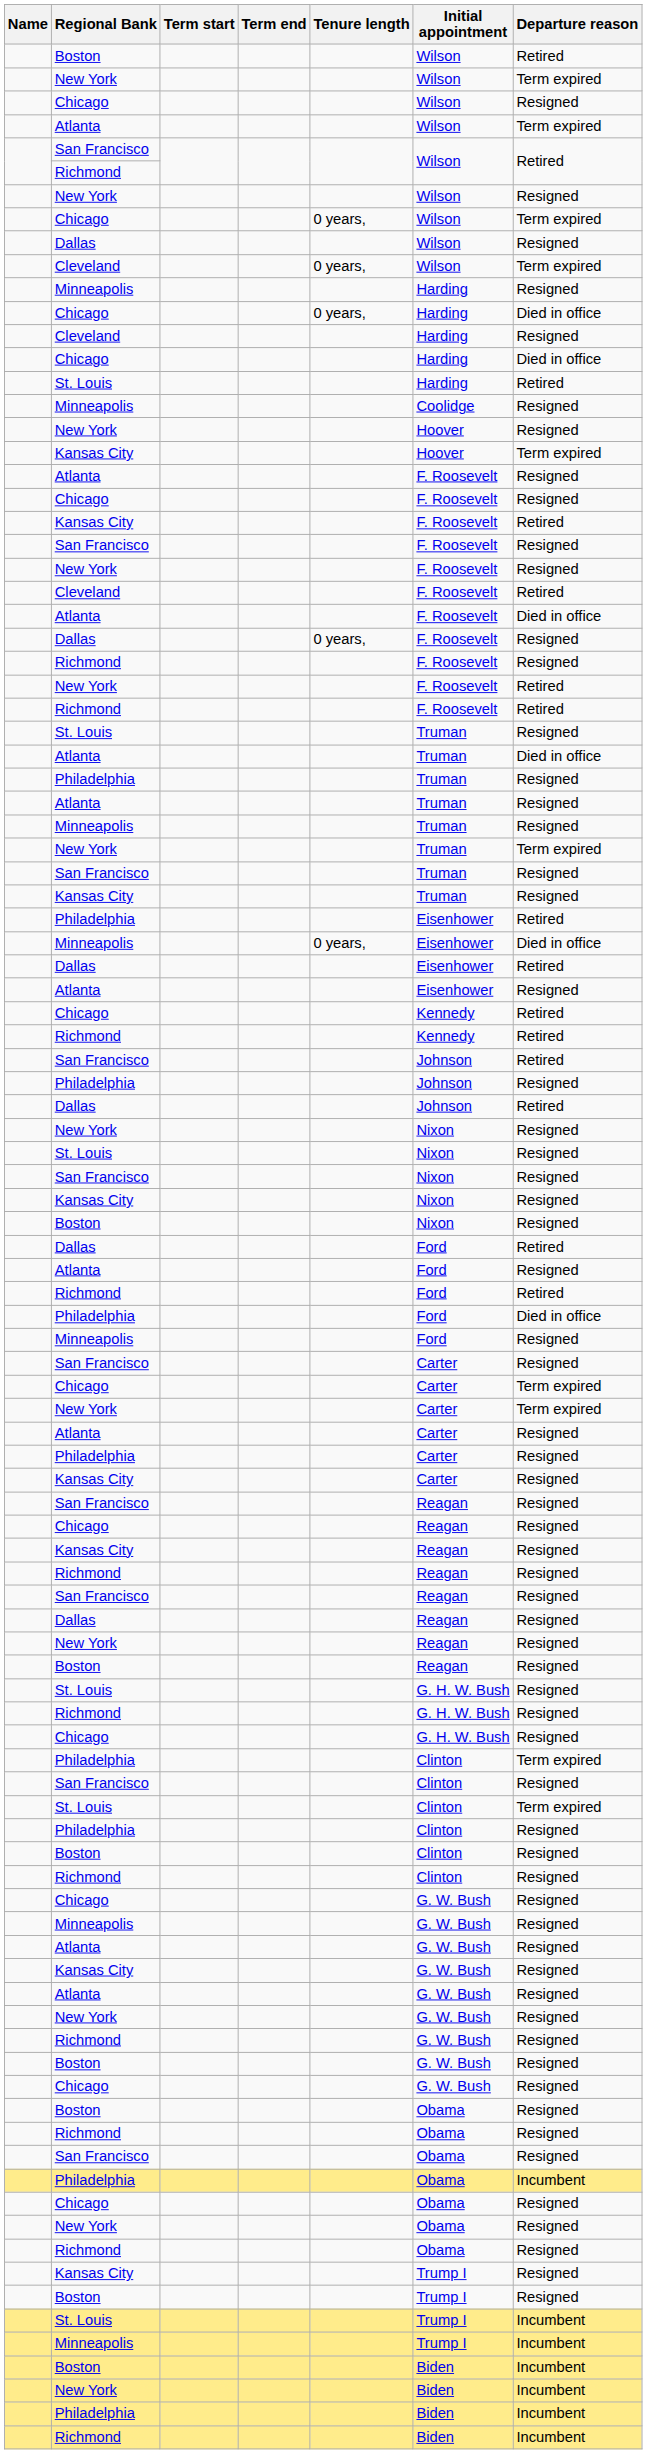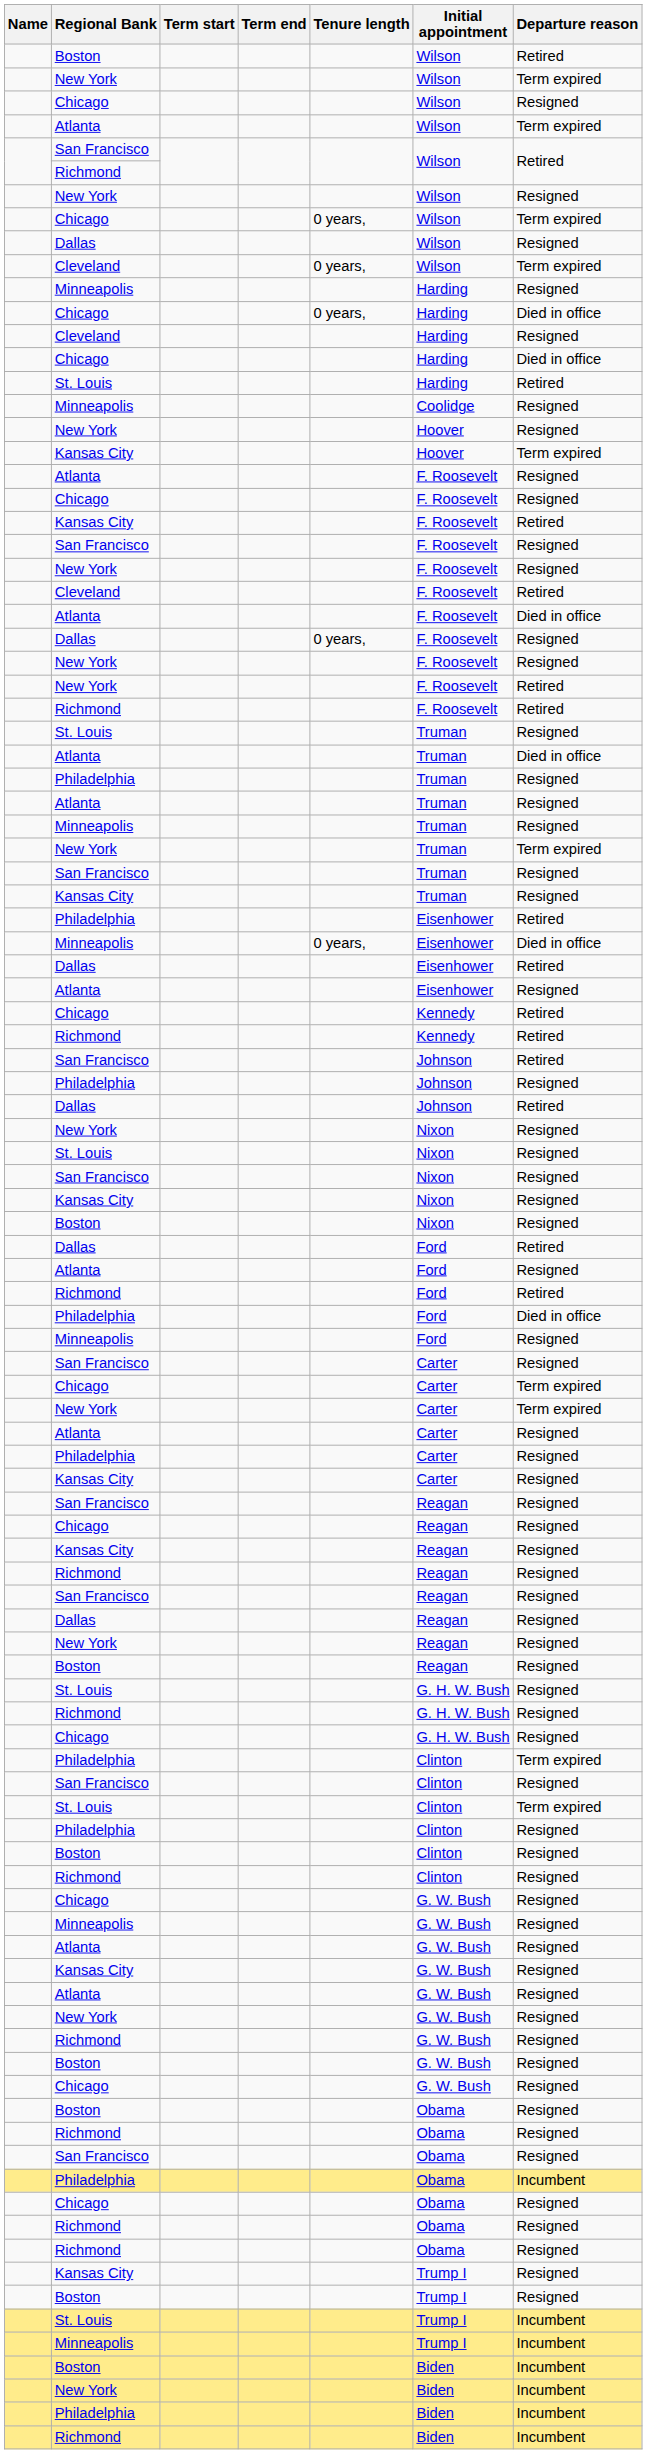 <table class="wikitable sortable" font=70%">
 <tr>
 <th>Name</th>
 <th>Regional Bank</th>
 <th>Term start</th>
 <th>Term end</th>
 <th>Tenure length</th>
 <th>Initial<br>appointment</th>
 <th>Departure reason</th>
 </tr>
 <tr>
 <td></td>
 <td><a href='#'>Boston</a></td>
 <td></td>
 <td></td>
 <td></td>
 <td><a href='#'>Wilson</a></td>
 <td>Retired</td>
 </tr>
 <tr>
 <td></td>
 <td><a href='#'>New York</a></td>
 <td></td>
 <td></td>
 <td></td>
 <td><a href='#'>Wilson</a></td>
 <td>Term expired</td>
 </tr>
 <tr>
 <td></td>
 <td><a href='#'>Chicago</a></td>
 <td></td>
 <td></td>
 <td></td>
 <td><a href='#'>Wilson</a></td>
 <td>Resigned</td>
 </tr>
 <tr>
 <td></td>
 <td><a href='#'>Atlanta</a></td>
 <td></td>
 <td></td>
 <td></td>
 <td><a href='#'>Wilson</a></td>
 <td>Term expired</td>
 </tr>
 <tr>
 <td rowspan=2></td>
 <td><a href='#'>San Francisco</a><br></td>
 <td rowspan=2></td>
 <td rowspan=2></td>
 <td rowspan=2></td>
 <td rowspan=2><a href='#'>Wilson</a></td>
 <td rowspan=2>Retired</td>
 </tr>
 <tr>
 <td><a href='#'>Richmond</a><br></td>
 </tr>
 <tr>
 <td></td>
 <td><a href='#'>New York</a></td>
 <td></td>
 <td></td>
 <td></td>
 <td><a href='#'>Wilson</a></td>
 <td>Resigned</td>
 </tr>
 <tr>
 <td></td>
 <td><a href='#'>Chicago</a></td>
 <td></td>
 <td></td>
 <td>0 years, </td>
 <td><a href='#'>Wilson</a></td>
 <td>Term expired</td>
 </tr>
 <tr>
 <td></td>
 <td><a href='#'>Dallas</a></td>
 <td></td>
 <td></td>
 <td></td>
 <td><a href='#'>Wilson</a></td>
 <td>Resigned</td>
 </tr>
 <tr>
 <td></td>
 <td><a href='#'>Cleveland</a></td>
 <td></td>
 <td></td>
 <td>0 years, </td>
 <td><a href='#'>Wilson</a></td>
 <td>Term expired</td>
 </tr>
 <tr>
 <td></td>
 <td><a href='#'>Minneapolis</a></td>
 <td></td>
 <td></td>
 <td></td>
 <td><a href='#'>Harding</a></td>
 <td>Resigned</td>
 </tr>
 <tr>
 <td></td>
 <td><a href='#'>Chicago</a></td>
 <td></td>
 <td></td>
 <td>0 years, </td>
 <td><a href='#'>Harding</a></td>
 <td>Died in office</td>
 </tr>
 <tr>
 <td></td>
 <td><a href='#'>Cleveland</a></td>
 <td></td>
 <td></td>
 <td></td>
 <td><a href='#'>Harding</a></td>
 <td>Resigned</td>
 </tr>
 <tr>
 <td></td>
 <td><a href='#'>Chicago</a></td>
 <td></td>
 <td></td>
 <td></td>
 <td><a href='#'>Harding</a></td>
 <td>Died in office</td>
 </tr>
 <tr>
 <td></td>
 <td><a href='#'>St. Louis</a></td>
 <td></td>
 <td></td>
 <td></td>
 <td><a href='#'>Harding</a></td>
 <td>Retired</td>
 </tr>
 <tr>
 <td></td>
 <td><a href='#'>Minneapolis</a></td>
 <td></td>
 <td></td>
 <td></td>
 <td><a href='#'>Coolidge</a></td>
 <td>Resigned</td>
 </tr>
 <tr>
 <td></td>
 <td><a href='#'>New York</a></td>
 <td></td>
 <td></td>
 <td></td>
 <td><a href='#'>Hoover</a></td>
 <td>Resigned</td>
 </tr>
 <tr>
 <td></td>
 <td><a href='#'>Kansas City</a></td>
 <td></td>
 <td></td>
 <td></td>
 <td><a href='#'>Hoover</a></td>
 <td>Term expired</td>
 </tr>
 <tr>
 <td></td>
 <td><a href='#'>Atlanta</a></td>
 <td></td>
 <td></td>
 <td></td>
 <td><a href='#'>F. Roosevelt</a></td>
 <td>Resigned</td>
 </tr>
 <tr>
 <td></td>
 <td><a href='#'>Chicago</a></td>
 <td></td>
 <td></td>
 <td></td>
 <td><a href='#'>F. Roosevelt</a></td>
 <td>Resigned</td>
 </tr>
 <tr>
 <td></td>
 <td><a href='#'>Kansas City</a></td>
 <td></td>
 <td></td>
 <td></td>
 <td><a href='#'>F. Roosevelt</a></td>
 <td>Retired</td>
 </tr>
 <tr>
 <td></td>
 <td><a href='#'>San Francisco</a></td>
 <td></td>
 <td></td>
 <td></td>
 <td><a href='#'>F. Roosevelt</a></td>
 <td>Resigned</td>
 </tr>
 <tr>
 <td></td>
 <td><a href='#'>New York</a></td>
 <td></td>
 <td></td>
 <td></td>
 <td><a href='#'>F. Roosevelt</a></td>
 <td>Resigned</td>
 </tr>
 <tr>
 <td></td>
 <td><a href='#'>Cleveland</a></td>
 <td></td>
 <td></td>
 <td></td>
 <td><a href='#'>F. Roosevelt</a></td>
 <td>Retired</td>
 </tr>
 <tr>
 <td></td>
 <td><a href='#'>Atlanta</a></td>
 <td></td>
 <td></td>
 <td></td>
 <td><a href='#'>F. Roosevelt</a></td>
 <td>Died in office</td>
 </tr>
 <tr>
 <td></td>
 <td><a href='#'>Dallas</a></td>
 <td></td>
 <td></td>
 <td>0 years, </td>
 <td><a href='#'>F. Roosevelt</a></td>
 <td>Resigned</td>
 </tr>
 <tr>
 <td></td>
-<td><a href='#'>Richmond</a></td>
+<td><a href='#'>New York</a></td>
 <td></td>
 <td></td>
 <td></td>
 <td><a href='#'>F. Roosevelt</a></td>
 <td>Resigned</td>
 </tr>
 <tr>
 <td></td>
 <td><a href='#'>New York</a></td>
 <td></td>
 <td></td>
 <td></td>
 <td><a href='#'>F. Roosevelt</a></td>
 <td>Retired</td>
 </tr>
 <tr>
 <td></td>
 <td><a href='#'>Richmond</a></td>
 <td></td>
 <td></td>
 <td></td>
 <td><a href='#'>F. Roosevelt</a></td>
 <td>Retired</td>
 </tr>
 <tr>
 <td></td>
 <td><a href='#'>St. Louis</a></td>
 <td></td>
 <td></td>
 <td></td>
 <td><a href='#'>Truman</a></td>
 <td>Resigned</td>
 </tr>
 <tr>
 <td></td>
 <td><a href='#'>Atlanta</a></td>
 <td></td>
 <td></td>
 <td></td>
 <td><a href='#'>Truman</a></td>
 <td>Died in office</td>
 </tr>
 <tr>
 <td></td>
 <td><a href='#'>Philadelphia</a></td>
 <td></td>
 <td></td>
 <td></td>
 <td><a href='#'>Truman</a></td>
 <td>Resigned</td>
 </tr>
 <tr>
 <td></td>
 <td><a href='#'>Atlanta</a></td>
 <td></td>
 <td></td>
 <td></td>
 <td><a href='#'>Truman</a></td>
 <td>Resigned</td>
 </tr>
 <tr>
 <td></td>
 <td><a href='#'>Minneapolis</a></td>
 <td></td>
 <td></td>
 <td></td>
 <td><a href='#'>Truman</a></td>
 <td>Resigned</td>
 </tr>
 <tr>
 <td></td>
 <td><a href='#'>New York</a></td>
 <td></td>
 <td></td>
 <td></td>
 <td><a href='#'>Truman</a></td>
 <td>Term expired</td>
 </tr>
 <tr>
 <td></td>
 <td><a href='#'>San Francisco</a></td>
 <td></td>
 <td></td>
 <td></td>
 <td><a href='#'>Truman</a></td>
 <td>Resigned</td>
 </tr>
 <tr>
 <td></td>
 <td><a href='#'>Kansas City</a></td>
 <td></td>
 <td></td>
 <td></td>
 <td><a href='#'>Truman</a></td>
 <td>Resigned</td>
 </tr>
 <tr>
 <td></td>
 <td><a href='#'>Philadelphia</a></td>
 <td></td>
 <td></td>
 <td></td>
 <td><a href='#'>Eisenhower</a></td>
 <td>Retired</td>
 </tr>
 <tr>
 <td></td>
 <td><a href='#'>Minneapolis</a></td>
 <td></td>
 <td></td>
 <td>0 years, </td>
 <td><a href='#'>Eisenhower</a></td>
 <td>Died in office</td>
 </tr>
 <tr>
 <td></td>
 <td><a href='#'>Dallas</a></td>
 <td></td>
 <td></td>
 <td></td>
 <td><a href='#'>Eisenhower</a></td>
 <td>Retired</td>
 </tr>
 <tr>
 <td></td>
 <td><a href='#'>Atlanta</a></td>
 <td></td>
 <td></td>
 <td></td>
 <td><a href='#'>Eisenhower</a></td>
 <td>Resigned</td>
 </tr>
 <tr>
 <td></td>
 <td><a href='#'>Chicago</a></td>
 <td></td>
 <td></td>
 <td></td>
 <td><a href='#'>Kennedy</a></td>
 <td>Retired</td>
 </tr>
 <tr>
 <td></td>
 <td><a href='#'>Richmond</a></td>
 <td></td>
 <td></td>
 <td></td>
 <td><a href='#'>Kennedy</a></td>
 <td>Retired</td>
 </tr>
 <tr>
 <td></td>
 <td><a href='#'>San Francisco</a></td>
 <td></td>
 <td></td>
 <td></td>
 <td><a href='#'>Johnson</a></td>
 <td>Retired</td>
 </tr>
 <tr>
 <td></td>
 <td><a href='#'>Philadelphia</a></td>
 <td></td>
 <td></td>
 <td></td>
 <td><a href='#'>Johnson</a></td>
 <td>Resigned</td>
 </tr>
 <tr>
 <td></td>
 <td><a href='#'>Dallas</a></td>
 <td></td>
 <td></td>
 <td></td>
 <td><a href='#'>Johnson</a></td>
 <td>Retired</td>
 </tr>
 <tr>
 <td></td>
 <td><a href='#'>New York</a></td>
 <td></td>
 <td></td>
 <td></td>
 <td><a href='#'>Nixon</a></td>
 <td>Resigned</td>
 </tr>
 <tr>
 <td></td>
 <td><a href='#'>St. Louis</a></td>
 <td></td>
 <td></td>
 <td></td>
 <td><a href='#'>Nixon</a></td>
 <td>Resigned</td>
 </tr>
 <tr>
 <td></td>
 <td><a href='#'>San Francisco</a></td>
 <td></td>
 <td></td>
 <td></td>
 <td><a href='#'>Nixon</a></td>
 <td>Resigned</td>
 </tr>
 <tr>
 <td></td>
 <td><a href='#'>Kansas City</a></td>
 <td></td>
 <td></td>
 <td></td>
 <td><a href='#'>Nixon</a></td>
 <td>Resigned</td>
 </tr>
 <tr>
 <td></td>
 <td><a href='#'>Boston</a></td>
 <td></td>
 <td></td>
 <td></td>
 <td><a href='#'>Nixon</a></td>
 <td>Resigned</td>
 </tr>
 <tr>
 <td></td>
 <td><a href='#'>Dallas</a></td>
 <td></td>
 <td></td>
 <td></td>
 <td><a href='#'>Ford</a></td>
 <td>Retired</td>
 </tr>
 <tr>
 <td></td>
 <td><a href='#'>Atlanta</a></td>
 <td></td>
 <td></td>
 <td></td>
 <td><a href='#'>Ford</a></td>
 <td>Resigned</td>
 </tr>
 <tr>
 <td></td>
 <td><a href='#'>Richmond</a></td>
 <td></td>
 <td></td>
 <td></td>
 <td><a href='#'>Ford</a></td>
 <td>Retired</td>
 </tr>
 <tr>
 <td></td>
 <td><a href='#'>Philadelphia</a></td>
 <td></td>
 <td></td>
 <td></td>
 <td><a href='#'>Ford</a></td>
 <td>Died in office</td>
 </tr>
 <tr>
 <td></td>
 <td><a href='#'>Minneapolis</a></td>
 <td></td>
 <td></td>
 <td></td>
 <td><a href='#'>Ford</a></td>
 <td>Resigned</td>
 </tr>
 <tr>
 <td></td>
 <td><a href='#'>San Francisco</a></td>
 <td></td>
 <td></td>
 <td></td>
 <td><a href='#'>Carter</a></td>
 <td>Resigned</td>
 </tr>
 <tr>
 <td></td>
 <td><a href='#'>Chicago</a></td>
 <td></td>
 <td></td>
 <td></td>
 <td><a href='#'>Carter</a></td>
 <td>Term expired</td>
 </tr>
 <tr>
 <td></td>
 <td><a href='#'>New York</a></td>
 <td></td>
 <td></td>
 <td></td>
 <td><a href='#'>Carter</a></td>
 <td>Term expired</td>
 </tr>
 <tr>
 <td></td>
 <td><a href='#'>Atlanta</a></td>
 <td></td>
 <td></td>
 <td></td>
 <td><a href='#'>Carter</a></td>
 <td>Resigned</td>
 </tr>
 <tr>
 <td></td>
 <td><a href='#'>Philadelphia</a></td>
 <td></td>
 <td></td>
 <td></td>
 <td><a href='#'>Carter</a></td>
 <td>Resigned</td>
 </tr>
 <tr>
 <td></td>
 <td><a href='#'>Kansas City</a></td>
 <td></td>
 <td></td>
 <td></td>
 <td><a href='#'>Carter</a></td>
 <td>Resigned</td>
 </tr>
 <tr>
 <td></td>
 <td><a href='#'>San Francisco</a></td>
 <td></td>
 <td></td>
 <td></td>
 <td><a href='#'>Reagan</a></td>
 <td>Resigned</td>
 </tr>
 <tr>
 <td></td>
 <td><a href='#'>Chicago</a></td>
 <td></td>
 <td></td>
 <td></td>
 <td><a href='#'>Reagan</a></td>
 <td>Resigned</td>
 </tr>
 <tr>
 <td></td>
 <td><a href='#'>Kansas City</a></td>
 <td></td>
 <td></td>
 <td></td>
 <td><a href='#'>Reagan</a></td>
 <td>Resigned</td>
 </tr>
 <tr>
 <td></td>
 <td><a href='#'>Richmond</a></td>
 <td></td>
 <td></td>
 <td></td>
 <td><a href='#'>Reagan</a></td>
 <td>Resigned</td>
 </tr>
 <tr>
 <td></td>
 <td><a href='#'>San Francisco</a></td>
 <td></td>
 <td></td>
 <td></td>
 <td><a href='#'>Reagan</a></td>
 <td>Resigned</td>
 </tr>
 <tr>
 <td></td>
 <td><a href='#'>Dallas</a></td>
 <td></td>
 <td></td>
 <td></td>
 <td><a href='#'>Reagan</a></td>
 <td>Resigned</td>
 </tr>
 <tr>
 <td></td>
 <td><a href='#'>New York</a></td>
 <td></td>
 <td></td>
 <td></td>
 <td><a href='#'>Reagan</a></td>
 <td>Resigned</td>
 </tr>
 <tr>
 <td></td>
 <td><a href='#'>Boston</a></td>
 <td></td>
 <td></td>
 <td></td>
 <td><a href='#'>Reagan</a></td>
 <td>Resigned</td>
 </tr>
 <tr>
 <td></td>
 <td><a href='#'>St. Louis</a></td>
 <td></td>
 <td></td>
 <td></td>
 <td><a href='#'>G. H. W. Bush</a></td>
 <td>Resigned</td>
 </tr>
 <tr>
 <td></td>
 <td><a href='#'>Richmond</a></td>
 <td></td>
 <td></td>
 <td></td>
 <td><a href='#'>G. H. W. Bush</a></td>
 <td>Resigned</td>
 </tr>
 <tr>
 <td></td>
 <td><a href='#'>Chicago</a></td>
 <td></td>
 <td></td>
 <td></td>
 <td><a href='#'>G. H. W. Bush</a></td>
 <td>Resigned</td>
 </tr>
 <tr>
 <td></td>
 <td><a href='#'>Philadelphia</a></td>
 <td></td>
 <td></td>
 <td></td>
 <td><a href='#'>Clinton</a></td>
 <td>Term expired</td>
 </tr>
 <tr>
 <td></td>
 <td><a href='#'>San Francisco</a></td>
 <td></td>
 <td></td>
 <td></td>
 <td><a href='#'>Clinton</a></td>
 <td>Resigned</td>
 </tr>
 <tr>
 <td></td>
 <td><a href='#'>St. Louis</a></td>
 <td></td>
 <td></td>
 <td></td>
 <td><a href='#'>Clinton</a></td>
 <td>Term expired</td>
 </tr>
 <tr>
 <td></td>
 <td><a href='#'>Philadelphia</a></td>
 <td></td>
 <td></td>
 <td></td>
 <td><a href='#'>Clinton</a></td>
 <td>Resigned</td>
 </tr>
 <tr>
 <td></td>
 <td><a href='#'>Boston</a></td>
 <td></td>
 <td></td>
 <td></td>
 <td><a href='#'>Clinton</a></td>
 <td>Resigned</td>
 </tr>
 <tr>
 <td></td>
 <td><a href='#'>Richmond</a></td>
 <td></td>
 <td></td>
 <td></td>
 <td><a href='#'>Clinton</a></td>
 <td>Resigned</td>
 </tr>
 <tr>
 <td></td>
 <td><a href='#'>Chicago</a></td>
 <td></td>
 <td></td>
 <td></td>
 <td><a href='#'>G. W. Bush</a></td>
 <td>Resigned</td>
 </tr>
 <tr>
 <td></td>
 <td><a href='#'>Minneapolis</a></td>
 <td></td>
 <td></td>
 <td></td>
 <td><a href='#'>G. W. Bush</a></td>
 <td>Resigned</td>
 </tr>
 <tr>
 <td></td>
 <td><a href='#'>Atlanta</a></td>
 <td></td>
 <td></td>
 <td></td>
 <td><a href='#'>G. W. Bush</a></td>
 <td>Resigned</td>
 </tr>
 <tr>
 <td></td>
 <td><a href='#'>Kansas City</a></td>
 <td></td>
 <td></td>
 <td></td>
 <td><a href='#'>G. W. Bush</a></td>
 <td>Resigned</td>
 </tr>
 <tr>
 <td></td>
 <td><a href='#'>Atlanta</a></td>
 <td></td>
 <td></td>
 <td></td>
 <td><a href='#'>G. W. Bush</a></td>
 <td>Resigned</td>
 </tr>
 <tr>
 <td></td>
 <td><a href='#'>New York</a></td>
 <td></td>
 <td></td>
 <td></td>
 <td><a href='#'>G. W. Bush</a></td>
 <td>Resigned</td>
 </tr>
 <tr>
 <td></td>
 <td><a href='#'>Richmond</a></td>
 <td></td>
 <td></td>
 <td></td>
 <td><a href='#'>G. W. Bush</a></td>
 <td>Resigned</td>
 </tr>
 <tr>
 <td></td>
 <td><a href='#'>Boston</a></td>
 <td></td>
 <td></td>
 <td></td>
 <td><a href='#'>G. W. Bush</a></td>
 <td>Resigned</td>
 </tr>
 <tr>
 <td></td>
 <td><a href='#'>Chicago</a></td>
 <td></td>
 <td></td>
 <td></td>
 <td><a href='#'>G. W. Bush</a></td>
 <td>Resigned</td>
 </tr>
 <tr>
 <td></td>
 <td><a href='#'>Boston</a></td>
 <td></td>
 <td></td>
 <td></td>
 <td><a href='#'>Obama</a></td>
 <td>Resigned</td>
 </tr>
 <tr>
 <td></td>
 <td><a href='#'>Richmond</a></td>
 <td></td>
 <td></td>
 <td></td>
 <td><a href='#'>Obama</a></td>
 <td>Resigned</td>
 </tr>
 <tr>
 <td></td>
 <td><a href='#'>San Francisco</a></td>
 <td></td>
 <td></td>
 <td></td>
 <td><a href='#'>Obama</a></td>
 <td>Resigned</td>
 </tr>
 <tr style="background:#ffec8b;">
 <td></td>
 <td><a href='#'>Philadelphia</a></td>
 <td></td>
 <td><em></em></td>
 <td></td>
 <td><a href='#'>Obama</a></td>
 <td>Incumbent</td>
 </tr>
 <tr>
 <td></td>
 <td><a href='#'>Chicago</a></td>
 <td></td>
 <td></td>
 <td></td>
 <td><a href='#'>Obama</a></td>
 <td>Resigned</td>
 </tr>
 <tr>
 <td></td>
-<td><a href='#'>New York</a></td>
+<td><a href='#'>Richmond</a></td>
 <td></td>
 <td></td>
 <td></td>
 <td><a href='#'>Obama</a></td>
 <td>Resigned</td>
 </tr>
 <tr>
 <td></td>
 <td><a href='#'>Richmond</a></td>
 <td></td>
 <td></td>
 <td></td>
 <td><a href='#'>Obama</a></td>
 <td>Resigned</td>
 </tr>
 <tr>
 <td></td>
 <td><a href='#'>Kansas City</a></td>
 <td></td>
 <td></td>
 <td></td>
 <td><a href='#'>Trump I</a></td>
 <td>Resigned</td>
 </tr>
 <tr>
 <td></td>
 <td><a href='#'>Boston</a></td>
 <td></td>
 <td></td>
 <td></td>
 <td><a href='#'>Trump I</a></td>
 <td>Resigned</td>
 </tr>
 <tr style="background:#ffec8b;">
 <td></td>
 <td><a href='#'>St. Louis</a></td>
 <td></td>
 <td><em></em></td>
 <td></td>
 <td><a href='#'>Trump I</a></td>
 <td>Incumbent</td>
 </tr>
 <tr style="background:#ffec8b;">
 <td></td>
 <td><a href='#'>Minneapolis</a></td>
 <td></td>
 <td><em></em></td>
 <td></td>
 <td><a href='#'>Trump I</a></td>
 <td>Incumbent</td>
 </tr>
 <tr style="background:#ffec8b;">
 <td></td>
 <td><a href='#'>Boston</a></td>
 <td></td>
 <td><em></em></td>
 <td></td>
 <td><a href='#'>Biden</a></td>
 <td>Incumbent</td>
 </tr>
 <tr style="background:#ffec8b;">
 <td></td>
 <td><a href='#'>New York</a></td>
 <td></td>
 <td><em></em></td>
 <td></td>
 <td><a href='#'>Biden</a></td>
 <td>Incumbent</td>
 </tr>
 <tr style="background:#ffec8b;">
 <td></td>
 <td><a href='#'>Philadelphia</a></td>
 <td></td>
 <td><em></em></td>
 <td></td>
 <td><a href='#'>Biden</a></td>
 <td>Incumbent</td>
 </tr>
 <tr style="background:#ffec8b;">
 <td></td>
 <td><a href='#'>Richmond</a></td>
 <td></td>
 <td><em></em></td>
 <td></td>
 <td><a href='#'>Biden</a></td>
 <td>Incumbent</td>
 </tr>
 </table>
